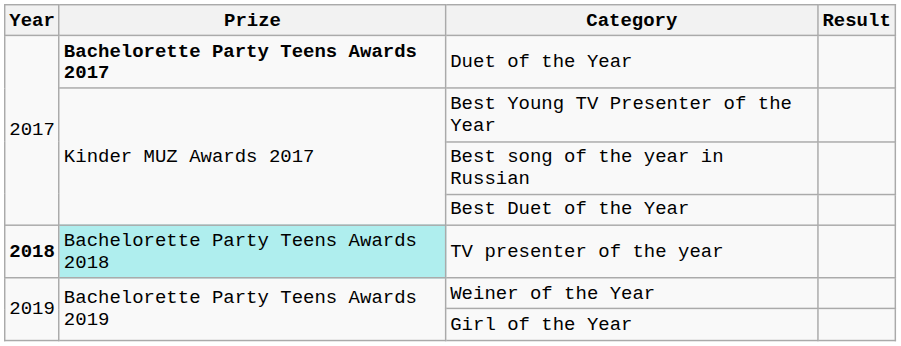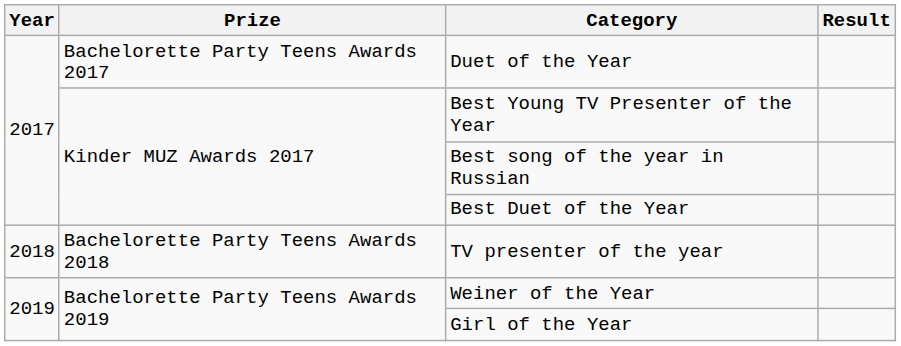 <table class="wikitable">
 <tr>
 <th>Year</th>
 <th>Prize</th>
 <th>Category</th>
 <th>Result</th>
 </tr>
 <tr>
 <td rowspan="4">2017</td>
-<td><strong>Bachelorette Party Teens Awards 2017</strong></td>
+<td>Bachelorette Party Teens Awards 2017</td>
 <td>Duet of the Year</td>
 <td></td>
 </tr>
 <tr>
 <td rowspan="3">Kinder MUZ Awards 2017</td>
 <td>Best Young TV Presenter of the Year</td>
 <td></td>
 </tr>
 <tr>
 <td>Best song of the year in Russian</td>
 <td></td>
 </tr>
 <tr>
 <td>Best Duet of the Year</td>
 <td></td>
 </tr>
 <tr>
-<td><strong>2018</strong></td>
-<td style="background: paleturquoise;">Bachelorette Party Teens Awards 2018</td>
+<td>2018</td>
+<td>Bachelorette Party Teens Awards 2018</td>
 <td>TV presenter of the year</td>
 <td></td>
 </tr>
 <tr>
 <td rowspan="2">2019</td>
 <td rowspan="2">Bachelorette Party Teens Awards 2019</td>
 <td>Weiner of the Year</td>
 <td></td>
 </tr>
 <tr>
 <td>Girl of the Year</td>
 <td></td>
 </tr>
 </table>
